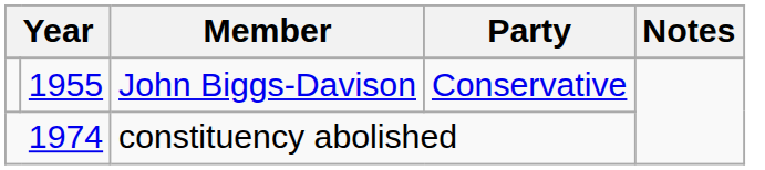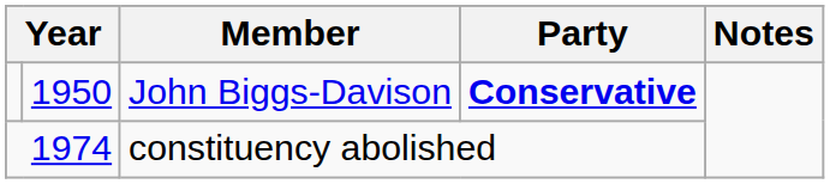 <table class="wikitable">
 <tr>
 <th colspan="2">Year</th>
 <th>Member</th>
 <th>Party</th>
 <th>Notes</th>
 </tr>
 <tr>
 <td style="color:inherit;background-color: "></td>
-<td><a href='#'>1955</a></td>
+<td><a href='#'>1950</a></td>
 <td><a href='#'>John Biggs-Davison</a></td>
-<td><a href='#'>Conservative</a></td>
+<td><strong><a href='#'>Conservative</a></strong></td>
 </tr>
 <tr>
 <td colspan="2" align="right"><a href='#'>1974</a></td>
 <td colspan="2">constituency abolished</td>
 </tr>
 </table>
